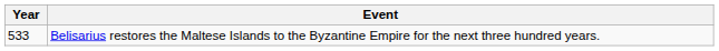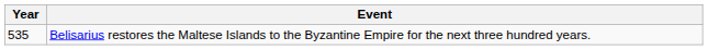 <table class="wikitable" width="100%">
 <tr>
 <th style="width:6%">Year</th>
 <th>Event</th>
 </tr>
 <tr>
-<td>533</td>
+<td>535</td>
 <td><a href='#'>Belisarius</a> restores the Maltese Islands to the Byzantine Empire for the next three hundred years.</td>
 </tr>
 </table>
